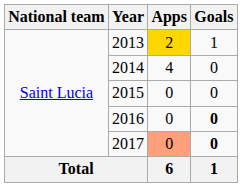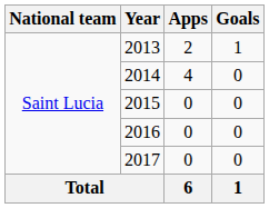 <table class="wikitable" style="text-align:center">
 <tr>
 <th>National team</th>
 <th>Year</th>
 <th>Apps</th>
 <th>Goals</th>
 </tr>
 <tr>
 <td rowspan="5"><a href='#'>Saint Lucia</a></td>
 <td>2013</td>
-<td style="background: gold;">2</td>
+<td>2</td>
 <td>1</td>
 </tr>
 <tr>
 <td>2014</td>
 <td>4</td>
 <td>0</td>
 </tr>
 <tr>
 <td>2015</td>
 <td>0</td>
 <td>0</td>
 </tr>
 <tr>
 <td>2016</td>
 <td>0</td>
-<td><strong>0</strong></td>
+<td>0</td>
 </tr>
 <tr>
 <td>2017</td>
-<td style="background: lightsalmon;">0</td>
-<td><strong>0</strong></td>
+<td>0</td>
+<td>0</td>
 </tr>
 <tr>
 <th colspan=2>Total</th>
 <th>6</th>
 <th>1</th>
 </tr>
 </table>
